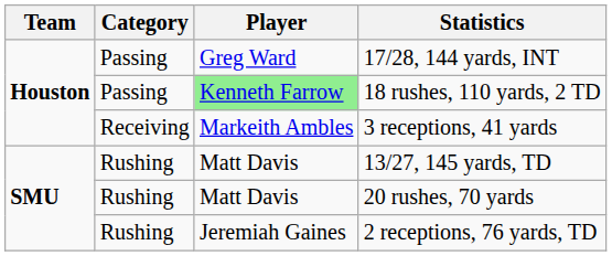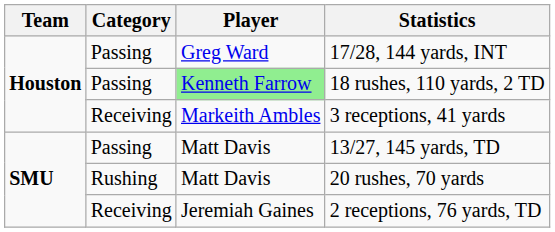 <table class="wikitable" style="float: left;">
 <tr>
 <th>Team</th>
 <th>Category</th>
 <th>Player</th>
 <th>Statistics</th>
 </tr>
 <tr>
 <td rowspan=3><strong>Houston</strong></td>
 <td>Passing</td>
 <td><a href='#'>Greg Ward</a></td>
 <td>17/28, 144 yards, INT</td>
 </tr>
 <tr>
 <td>Passing</td>
 <td style="background: lightgreen;"><a href='#'>Kenneth Farrow</a></td>
 <td>18 rushes, 110 yards, 2 TD</td>
 </tr>
 <tr>
 <td>Receiving</td>
 <td><a href='#'>Markeith Ambles</a></td>
 <td>3 receptions, 41 yards</td>
 </tr>
 <tr>
 <td rowspan=3><strong>SMU</strong></td>
-<td>Rushing</td>
+<td>Passing</td>
 <td>Matt Davis</td>
 <td>13/27, 145 yards, TD</td>
 </tr>
 <tr>
 <td>Rushing</td>
 <td>Matt Davis</td>
 <td>20 rushes, 70 yards</td>
 </tr>
 <tr>
-<td>Rushing</td>
+<td>Receiving</td>
 <td>Jeremiah Gaines</td>
 <td>2 receptions, 76 yards, TD</td>
 </tr>
 </table>
